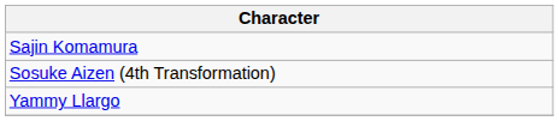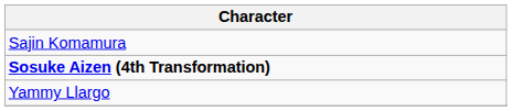 <table class="wikitable"  style="width:40%">
 <tr>
 <th style="width:20%;">Character</th>
 </tr>
 <tr>
 <td><a href='#'>Sajin Komamura</a></td>
 </tr>
 <tr>
-<td><a href='#'>Sosuke Aizen</a> (4th Transformation)</td>
+<td><strong><a href='#'>Sosuke Aizen</a> (4th Transformation)</strong></td>
 </tr>
 <tr>
 <td><a href='#'>Yammy Llargo</a></td>
 </tr>
 <tr>
 </tr>
 </table>
